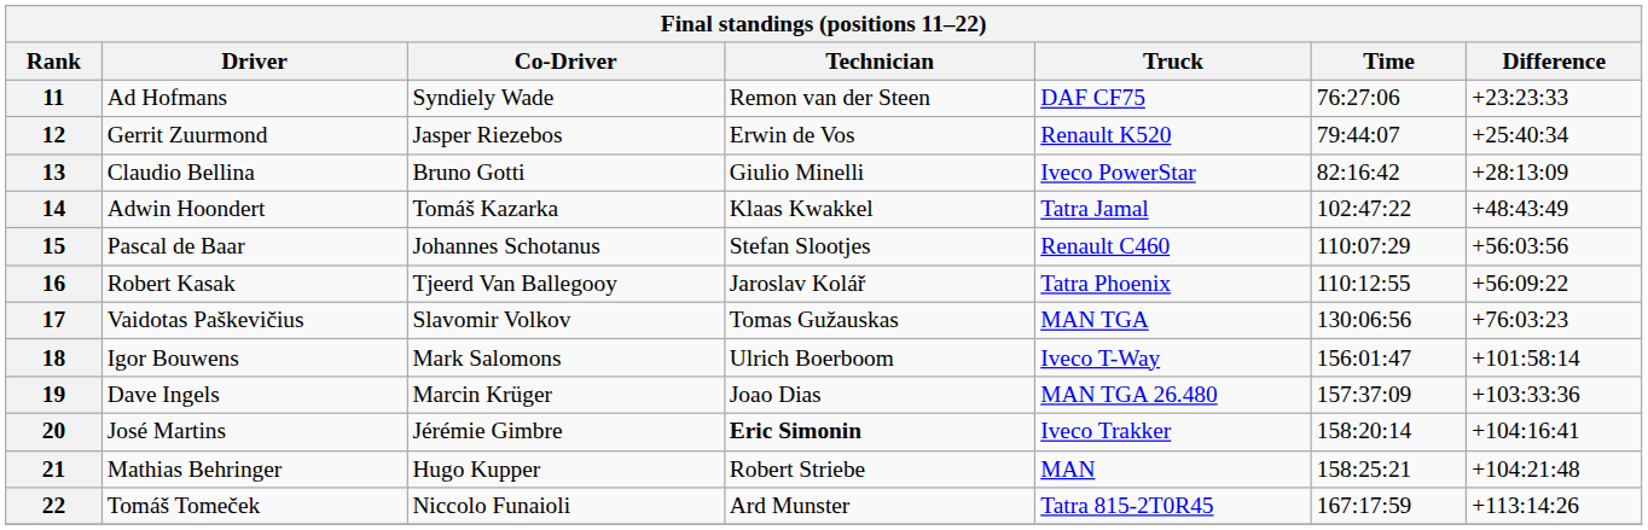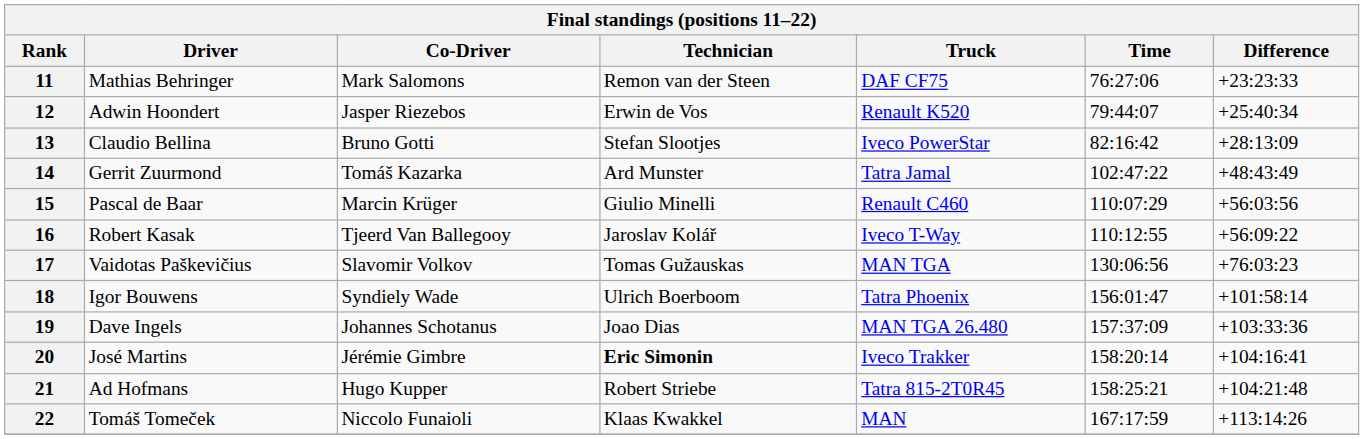 <table class="collapsible collapsed wikitable" style="width:70em;margin-top:-1px;">
 <tr>
 <th colspan="7">Final standings (positions 11–22)</th>
 </tr>
 <tr>
 <th>Rank</th>
 <th>Driver</th>
 <th>Co-Driver</th>
 <th>Technician</th>
 <th>Truck</th>
 <th>Time</th>
 <th>Difference</th>
 </tr>
 <tr>
 <th>11</th>
-<td> Ad Hofmans</td>
-<td> Syndiely Wade</td>
+<td> Mathias Behringer</td>
+<td> Mark Salomons</td>
 <td> Remon van der Steen</td>
 <td><a href='#'>DAF CF75</a></td>
 <td>76:27:06</td>
 <td>+23:23:33</td>
 </tr>
 <tr>
 <th>12</th>
-<td> Gerrit Zuurmond</td>
+<td> Adwin Hoondert</td>
 <td> Jasper Riezebos</td>
 <td> Erwin de Vos</td>
 <td><a href='#'>Renault K520</a></td>
 <td>79:44:07</td>
 <td>+25:40:34</td>
 </tr>
 <tr>
 <th>13</th>
 <td> Claudio Bellina</td>
 <td> Bruno Gotti</td>
-<td> Giulio Minelli</td>
+<td> Stefan Slootjes</td>
 <td><a href='#'>Iveco PowerStar</a></td>
 <td>82:16:42</td>
 <td>+28:13:09</td>
 </tr>
 <tr>
 <th>14</th>
-<td> Adwin Hoondert</td>
+<td> Gerrit Zuurmond</td>
 <td> Tomáš Kazarka</td>
-<td> Klaas Kwakkel</td>
+<td> Ard Munster</td>
 <td><a href='#'>Tatra Jamal</a></td>
 <td>102:47:22</td>
 <td>+48:43:49</td>
 </tr>
 <tr>
 <th>15</th>
 <td> Pascal de Baar</td>
-<td> Johannes Schotanus</td>
-<td> Stefan Slootjes</td>
+<td> Marcin Krüger</td>
+<td> Giulio Minelli</td>
 <td><a href='#'>Renault C460</a></td>
 <td>110:07:29</td>
 <td>+56:03:56</td>
 </tr>
 <tr>
 <th>16</th>
 <td> Robert Kasak</td>
 <td> Tjeerd Van Ballegooy</td>
 <td> Jaroslav Kolář</td>
-<td><a href='#'>Tatra Phoenix</a></td>
+<td><a href='#'>Iveco T-Way</a></td>
 <td>110:12:55</td>
 <td>+56:09:22</td>
 </tr>
 <tr>
 <th>17</th>
 <td> Vaidotas Paškevičius</td>
 <td> Slavomir Volkov</td>
 <td> Tomas Gužauskas</td>
 <td><a href='#'>MAN TGA</a></td>
 <td>130:06:56</td>
 <td>+76:03:23</td>
 </tr>
 <tr>
 <th>18</th>
 <td> Igor Bouwens</td>
-<td> Mark Salomons</td>
+<td> Syndiely Wade</td>
 <td> Ulrich Boerboom</td>
-<td><a href='#'>Iveco T-Way</a></td>
+<td><a href='#'>Tatra Phoenix</a></td>
 <td>156:01:47</td>
 <td>+101:58:14</td>
 </tr>
 <tr>
 <th>19</th>
 <td> Dave Ingels</td>
-<td> Marcin Krüger</td>
+<td> Johannes Schotanus</td>
 <td> Joao Dias</td>
 <td><a href='#'>MAN TGA 26.480</a></td>
 <td>157:37:09</td>
 <td>+103:33:36</td>
 </tr>
 <tr>
 <th>20</th>
 <td> José Martins</td>
 <td> Jérémie Gimbre</td>
 <td><strong> Eric Simonin</strong></td>
 <td><a href='#'>Iveco Trakker</a></td>
 <td>158:20:14</td>
 <td>+104:16:41</td>
 </tr>
 <tr>
 <th>21</th>
-<td> Mathias Behringer</td>
+<td> Ad Hofmans</td>
 <td> Hugo Kupper</td>
 <td> Robert Striebe</td>
-<td><a href='#'>MAN</a></td>
+<td><a href='#'>Tatra 815-2T0R45</a></td>
 <td>158:25:21</td>
 <td>+104:21:48</td>
 </tr>
 <tr>
 <th>22</th>
 <td> Tomáš Tomeček</td>
 <td> Niccolo Funaioli</td>
-<td> Ard Munster</td>
-<td><a href='#'>Tatra 815-2T0R45</a></td>
+<td> Klaas Kwakkel</td>
+<td><a href='#'>MAN</a></td>
 <td>167:17:59</td>
 <td>+113:14:26</td>
 </tr>
 <tr>
 </tr>
 </table>
